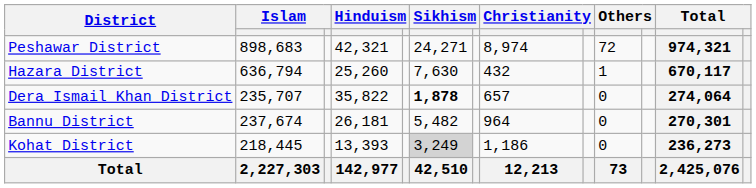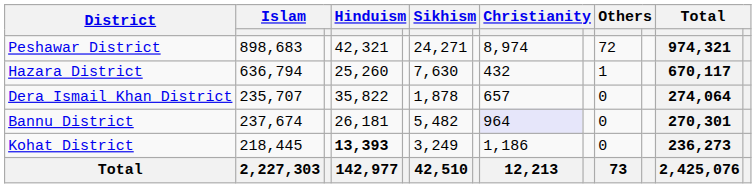 <table class="wikitable sortable">
 <tr>
 <th rowspan="2"><a href='#'>District</a></th>
 <th colspan="2"><a href='#'>Islam</a> </th>
 <th colspan="2"><a href='#'>Hinduism</a> </th>
 <th colspan="2"><a href='#'>Sikhism</a> </th>
 <th colspan="2"><a href='#'>Christianity</a> </th>
 <th colspan="2">Others</th>
 <th colspan="2">Total</th>
 </tr>
 <tr>
 <th><a href='#'></a></th>
 <th></th>
 <th></th>
 <th></th>
 <th></th>
 <th></th>
 <th></th>
 <th></th>
 <th></th>
 <th></th>
 <th></th>
 <th></th>
 </tr>
 <tr>
 <td><a href='#'>Peshawar District</a></td>
 <td>898,683</td>
 <td></td>
 <td>42,321</td>
 <td></td>
 <td>24,271</td>
 <td></td>
 <td>8,974</td>
 <td></td>
 <td>72</td>
 <td></td>
 <th>974,321</th>
 <th></th>
 </tr>
 <tr>
 <td><a href='#'>Hazara District</a></td>
 <td>636,794</td>
 <td></td>
 <td>25,260</td>
 <td></td>
 <td>7,630</td>
 <td></td>
 <td>432</td>
 <td></td>
 <td>1</td>
 <td></td>
 <th>670,117</th>
 <th></th>
 </tr>
 <tr>
 <td><a href='#'>Dera Ismail Khan District</a></td>
 <td>235,707</td>
 <td></td>
 <td>35,822</td>
 <td></td>
-<td><strong>1,878</strong></td>
+<td>1,878</td>
 <td></td>
 <td>657</td>
 <td></td>
 <td>0</td>
 <td></td>
 <th>274,064</th>
 <th></th>
 </tr>
 <tr>
 <td><a href='#'>Bannu District</a></td>
 <td>237,674</td>
 <td></td>
 <td>26,181</td>
 <td></td>
 <td>5,482</td>
 <td></td>
-<td>964</td>
+<td style="background: lavender;">964</td>
 <td></td>
 <td>0</td>
 <td></td>
 <th>270,301</th>
 <th></th>
 </tr>
 <tr>
 <td><a href='#'>Kohat District</a></td>
 <td>218,445</td>
 <td></td>
-<td>13,393</td>
+<td><strong>13,393</strong></td>
 <td></td>
-<td style="background: lightgrey;">3,249</td>
+<td>3,249</td>
 <td></td>
 <td>1,186</td>
 <td></td>
 <td>0</td>
 <td></td>
 <th>236,273</th>
 <th></th>
 </tr>
 <tr>
 <th>Total</th>
 <th>2,227,303</th>
 <th></th>
 <th>142,977</th>
 <th></th>
 <th>42,510</th>
 <th></th>
 <th>12,213</th>
 <th></th>
 <th>73</th>
 <th></th>
 <th>2,425,076</th>
 <th></th>
 </tr>
 </table>
